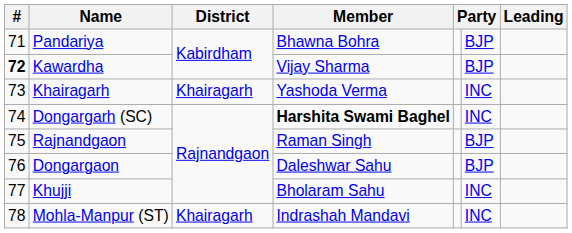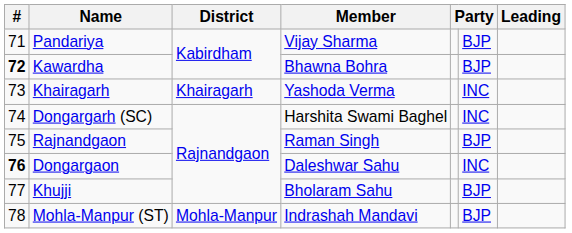 <table class="wikitable">
 <tr>
 <th>#</th>
 <th>Name</th>
 <th>District</th>
 <th>Member</th>
 <th colspan="2">Party</th>
 <th colspan="2">Leading<br></th>
 </tr>
 <tr>
 <td>71</td>
 <td><a href='#'>Pandariya</a></td>
 <td rowspan="2"><a href='#'>Kabirdham</a></td>
-<td><a href='#'>Bhawna Bohra</a></td>
+<td><a href='#'>Vijay Sharma</a></td>
 <td style="background-color: "></td>
 <td><a href='#'>BJP</a></td>
 <td></td>
 </tr>
 <tr>
 <td><strong>72</strong></td>
 <td><a href='#'>Kawardha</a></td>
-<td><a href='#'>Vijay Sharma</a></td>
+<td><a href='#'>Bhawna Bohra</a></td>
 <td style="background-color: "></td>
 <td><a href='#'>BJP</a></td>
 <td></td>
 </tr>
 <tr>
 <td>73</td>
 <td><a href='#'>Khairagarh</a></td>
 <td rowspan="1"><a href='#'>Khairagarh</a></td>
 <td><a href='#'>Yashoda Verma</a></td>
 <td style="background-color: "></td>
 <td><a href='#'>INC</a></td>
 <td></td>
 </tr>
 <tr>
 <td>74</td>
 <td><a href='#'>Dongargarh</a> (SC)</td>
 <td rowspan="4"><a href='#'>Rajnandgaon</a></td>
-<td><strong>Harshita Swami Baghel</strong></td>
+<td>Harshita Swami Baghel</td>
 <td style="background-color: "></td>
 <td><a href='#'>INC</a></td>
 <td></td>
 </tr>
 <tr>
 <td>75</td>
 <td><a href='#'>Rajnandgaon</a></td>
 <td><a href='#'>Raman Singh</a></td>
 <td style="background-color: "></td>
 <td><a href='#'>BJP</a></td>
 <td></td>
 </tr>
 <tr>
-<td>76</td>
+<td><strong>76</strong></td>
 <td><a href='#'>Dongargaon</a></td>
 <td><a href='#'>Daleshwar Sahu</a></td>
 <td style="background-color: "></td>
-<td><a href='#'>BJP</a></td>
+<td><a href='#'>INC</a></td>
 <td></td>
 </tr>
 <tr>
 <td>77</td>
 <td><a href='#'>Khujji</a></td>
 <td><a href='#'>Bholaram Sahu</a></td>
 <td style="background-color: "></td>
-<td><a href='#'>INC</a></td>
+<td><a href='#'>BJP</a></td>
 <td></td>
 </tr>
 <tr>
 <td>78</td>
 <td><a href='#'>Mohla-Manpur</a> (ST)</td>
-<td rowspan="1"><a href='#'>Khairagarh</a></td>
+<td rowspan="1"><a href='#'>Mohla-Manpur</a></td>
 <td><a href='#'>Indrashah Mandavi</a></td>
 <td style="background-color: "></td>
-<td><a href='#'>INC</a></td>
+<td><a href='#'>BJP</a></td>
 <td></td>
 </tr>
 </table>
